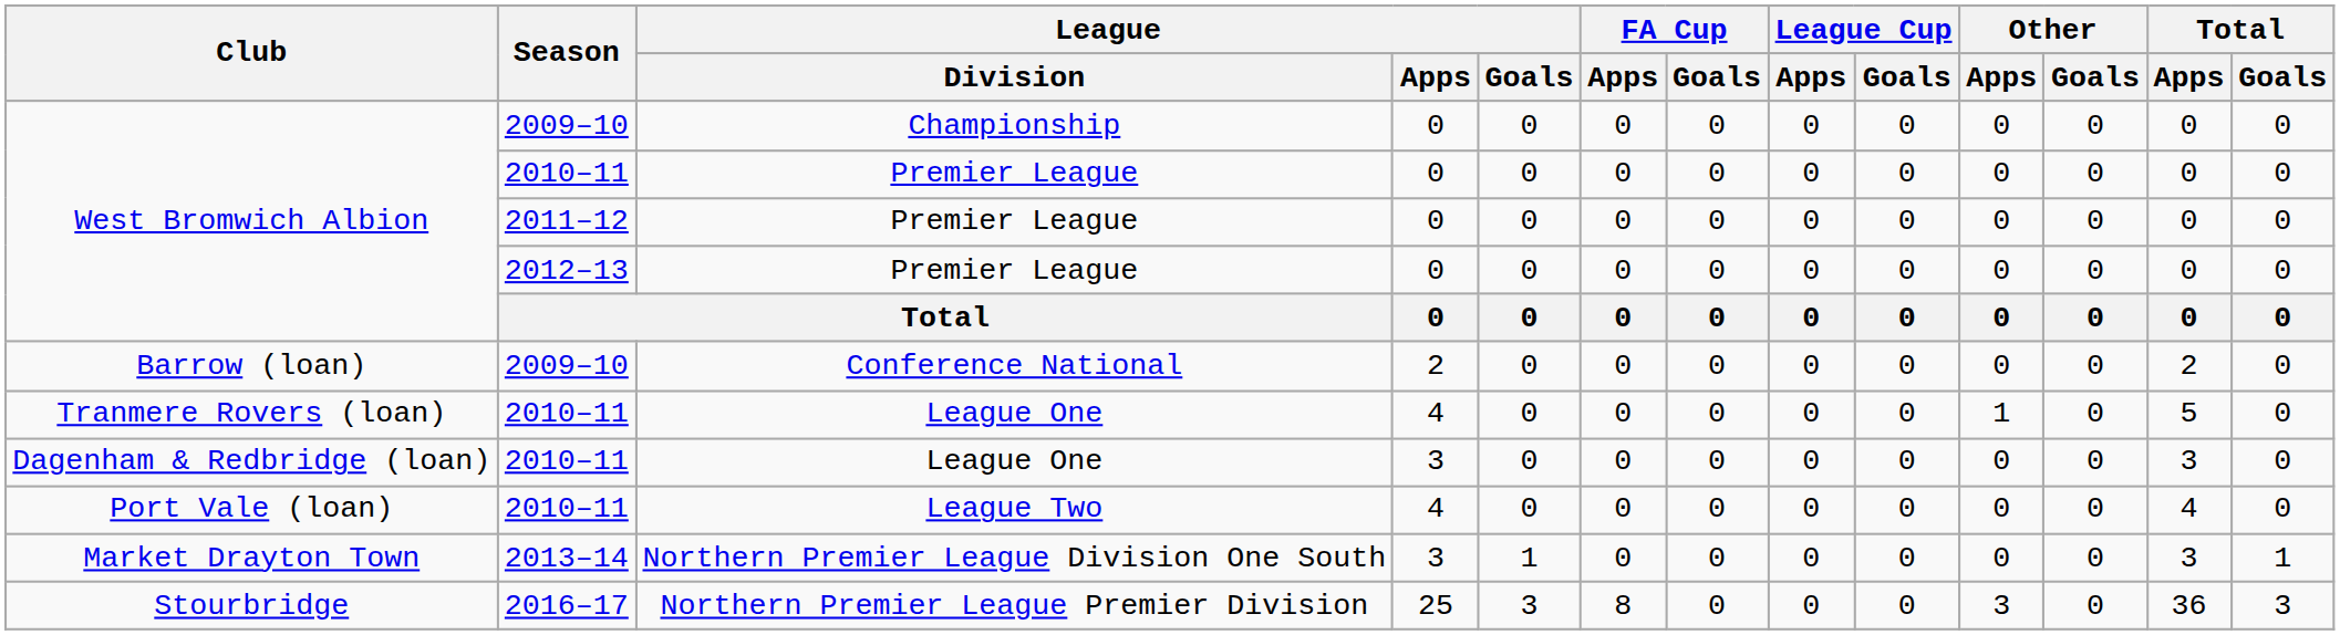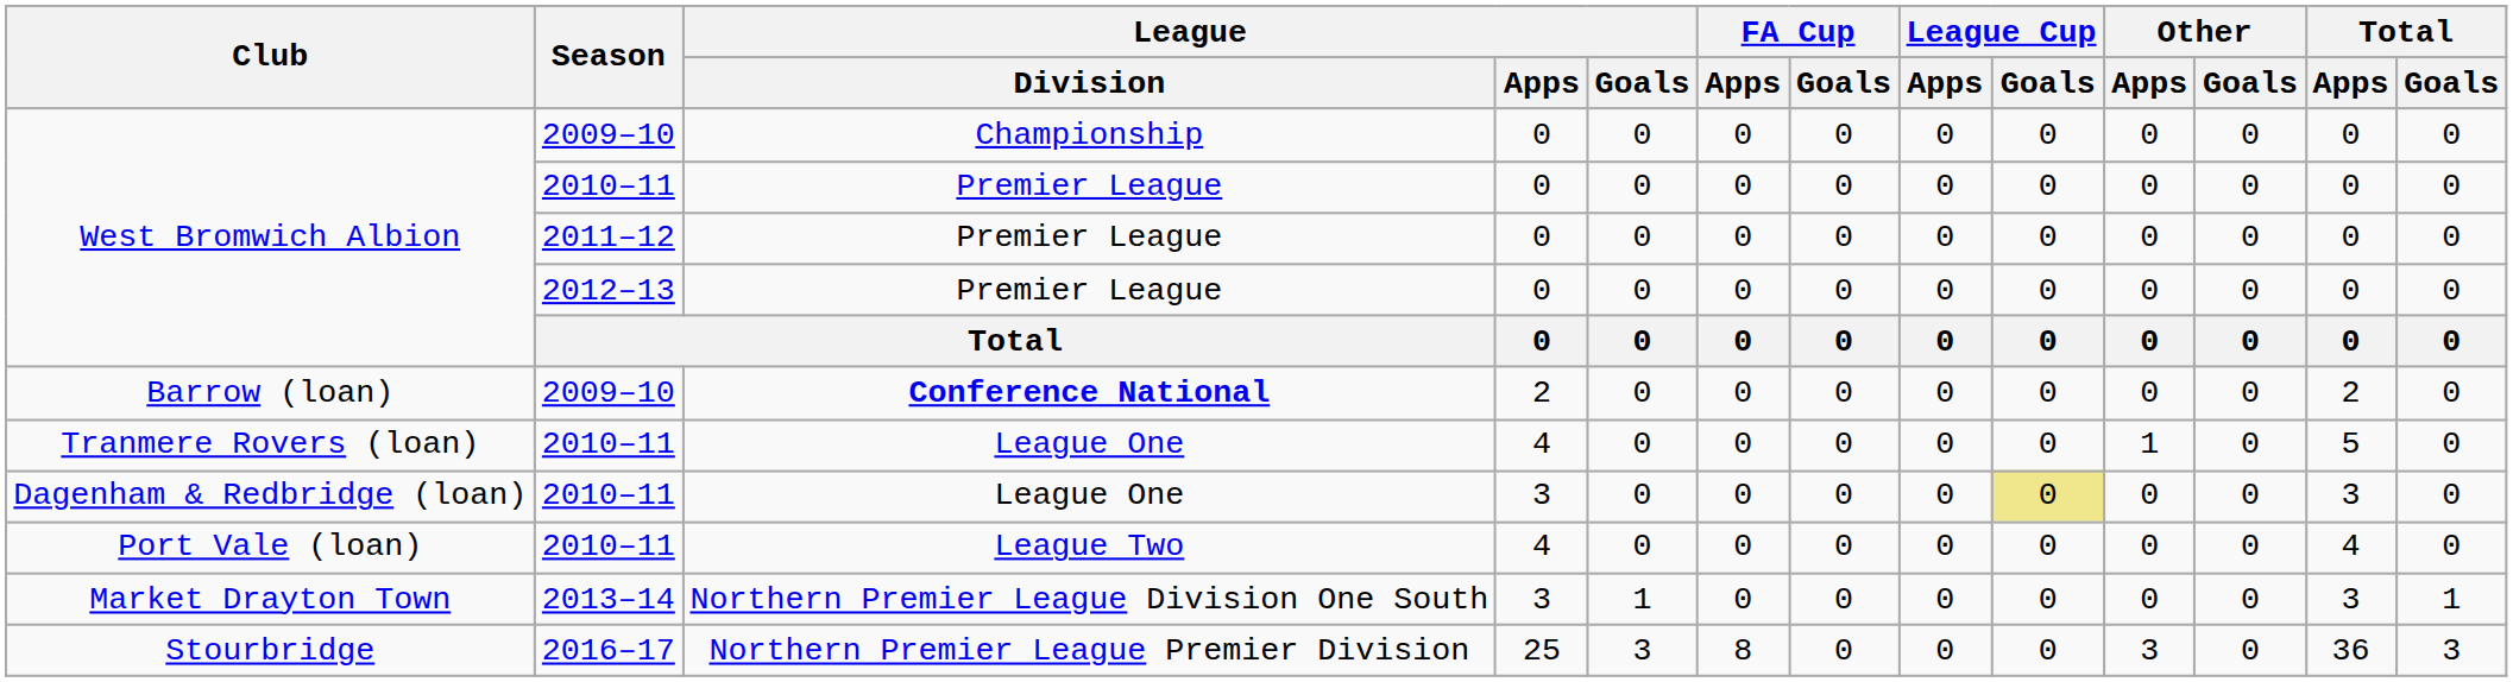 <table class="wikitable" style="text-align:center">
 <tr>
 <th rowspan="2">Club</th>
 <th rowspan="2">Season</th>
 <th colspan="3">League</th>
 <th colspan="2"><a href='#'>FA Cup</a></th>
 <th colspan="2"><a href='#'>League Cup</a></th>
 <th colspan="2">Other</th>
 <th colspan="2">Total</th>
 </tr>
 <tr>
 <th>Division</th>
 <th>Apps</th>
 <th>Goals</th>
 <th>Apps</th>
 <th>Goals</th>
 <th>Apps</th>
 <th>Goals</th>
 <th>Apps</th>
 <th>Goals</th>
 <th>Apps</th>
 <th>Goals</th>
 </tr>
 <tr>
 <td rowspan="5"><a href='#'>West Bromwich Albion</a></td>
 <td><a href='#'>2009–10</a></td>
 <td><a href='#'>Championship</a></td>
 <td>0</td>
 <td>0</td>
 <td>0</td>
 <td>0</td>
 <td>0</td>
 <td>0</td>
 <td>0</td>
 <td>0</td>
 <td>0</td>
 <td>0</td>
 </tr>
 <tr>
 <td><a href='#'>2010–11</a></td>
 <td><a href='#'>Premier League</a></td>
 <td>0</td>
 <td>0</td>
 <td>0</td>
 <td>0</td>
 <td>0</td>
 <td>0</td>
 <td>0</td>
 <td>0</td>
 <td>0</td>
 <td>0</td>
 </tr>
 <tr>
 <td><a href='#'>2011–12</a></td>
 <td>Premier League</td>
 <td>0</td>
 <td>0</td>
 <td>0</td>
 <td>0</td>
 <td>0</td>
 <td>0</td>
 <td>0</td>
 <td>0</td>
 <td>0</td>
 <td>0</td>
 </tr>
 <tr>
 <td><a href='#'>2012–13</a></td>
 <td>Premier League</td>
 <td>0</td>
 <td>0</td>
 <td>0</td>
 <td>0</td>
 <td>0</td>
 <td>0</td>
 <td>0</td>
 <td>0</td>
 <td>0</td>
 <td>0</td>
 </tr>
 <tr>
 <th colspan="2">Total</th>
 <th>0</th>
 <th>0</th>
 <th>0</th>
 <th>0</th>
 <th>0</th>
 <th>0</th>
 <th>0</th>
 <th>0</th>
 <th>0</th>
 <th>0</th>
 </tr>
 <tr>
 <td><a href='#'>Barrow</a> (loan)</td>
 <td><a href='#'>2009–10</a></td>
-<td><a href='#'>Conference National</a></td>
+<td><strong><a href='#'>Conference National</a></strong></td>
 <td>2</td>
 <td>0</td>
 <td>0</td>
 <td>0</td>
 <td>0</td>
 <td>0</td>
 <td>0</td>
 <td>0</td>
 <td>2</td>
 <td>0</td>
 </tr>
 <tr>
 <td><a href='#'>Tranmere Rovers</a> (loan)</td>
 <td><a href='#'>2010–11</a></td>
 <td><a href='#'>League One</a></td>
 <td>4</td>
 <td>0</td>
 <td>0</td>
 <td>0</td>
 <td>0</td>
 <td>0</td>
 <td>1</td>
 <td>0</td>
 <td>5</td>
 <td>0</td>
 </tr>
 <tr>
 <td><a href='#'>Dagenham & Redbridge</a> (loan)</td>
 <td><a href='#'>2010–11</a></td>
 <td>League One</td>
 <td>3</td>
 <td>0</td>
 <td>0</td>
 <td>0</td>
 <td>0</td>
-<td>0</td>
+<td style="background: khaki;">0</td>
 <td>0</td>
 <td>0</td>
 <td>3</td>
 <td>0</td>
 </tr>
 <tr>
 <td><a href='#'>Port Vale</a> (loan)</td>
 <td><a href='#'>2010–11</a></td>
 <td><a href='#'>League Two</a></td>
 <td>4</td>
 <td>0</td>
 <td>0</td>
 <td>0</td>
 <td>0</td>
 <td>0</td>
 <td>0</td>
 <td>0</td>
 <td>4</td>
 <td>0</td>
 </tr>
 <tr>
 <td><a href='#'>Market Drayton Town</a></td>
 <td><a href='#'>2013–14</a></td>
 <td><a href='#'>Northern Premier League</a> Division One South</td>
 <td>3</td>
 <td>1</td>
 <td>0</td>
 <td>0</td>
 <td>0</td>
 <td>0</td>
 <td>0</td>
 <td>0</td>
 <td>3</td>
 <td>1</td>
 </tr>
 <tr>
 <td><a href='#'>Stourbridge</a></td>
 <td><a href='#'>2016–17</a></td>
 <td><a href='#'>Northern Premier League</a> Premier Division</td>
 <td>25</td>
 <td>3</td>
 <td>8</td>
 <td>0</td>
 <td>0</td>
 <td>0</td>
 <td>3</td>
 <td>0</td>
 <td>36</td>
 <td>3</td>
 </tr>
 </table>
